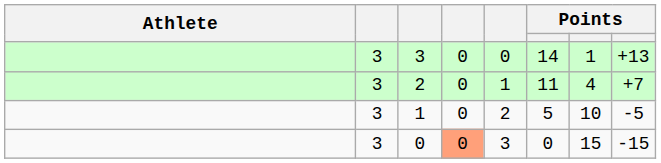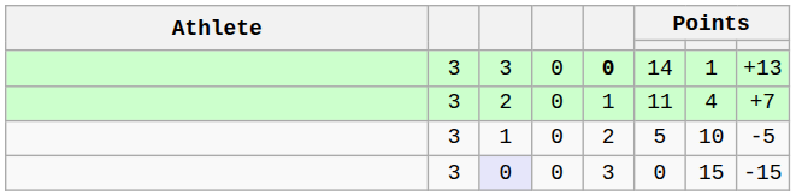 <table class="wikitable" style="text-align: center; font-size:100% ">
 <tr>
 <th rowspan=2 width=250>Athlete</th>
 <th rowspan=2 width=25></th>
 <th rowspan=2 width=25></th>
 <th rowspan=2 width=25></th>
 <th rowspan=2 width=25></th>
 <th colspan=3>Points</th>
 </tr>
 <tr>
 <th width=25></th>
 <th width=25></th>
 <th width=25></th>
 </tr>
 <tr bgcolor="ccffcc">
 <td align=left></td>
 <td>3</td>
 <td>3</td>
 <td>0</td>
-<td>0</td>
+<td><strong>0</strong></td>
 <td>14</td>
 <td>1</td>
 <td>+13</td>
 </tr>
 <tr bgcolor="ccffcc">
 <td align=left></td>
 <td>3</td>
 <td>2</td>
 <td>0</td>
 <td>1</td>
 <td>11</td>
 <td>4</td>
 <td>+7</td>
 </tr>
 <tr>
 <td align=left></td>
 <td>3</td>
 <td>1</td>
 <td>0</td>
 <td>2</td>
 <td>5</td>
 <td>10</td>
 <td>-5</td>
 </tr>
 <tr>
 <td align=left></td>
 <td>3</td>
+<td style="background: lavender;">0</td>
 <td>0</td>
-<td style="background: lightsalmon;">0</td>
 <td>3</td>
 <td>0</td>
 <td>15</td>
 <td>-15</td>
 </tr>
 </table>
